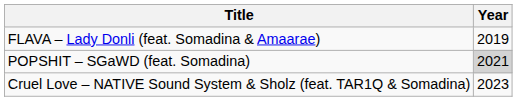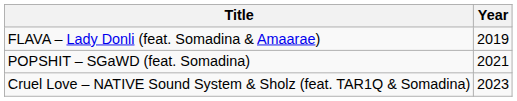 <table class="wikitable">
 <tr>
 <th>Title</th>
 <th>Year</th>
 </tr>
 <tr>
 <td>FLAVA – <a href='#'>Lady Donli</a> (feat. Somadina & <a href='#'>Amaarae</a>)</td>
 <td>2019</td>
 </tr>
 <tr>
 <td>POPSHIT – SGaWD (feat. Somadina)</td>
-<td style="background: lightgrey;">2021</td>
+<td>2021</td>
 </tr>
 <tr>
 <td>Cruel Love – NATIVE Sound System & Sholz (feat. TAR1Q & Somadina)</td>
 <td>2023</td>
 </tr>
 </table>
